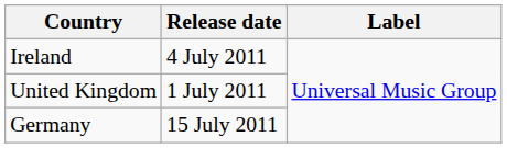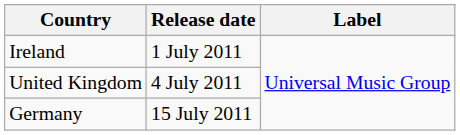 <table class="wikitable" border="1">
 <tr>
 <th>Country</th>
 <th>Release date</th>
 <th>Label</th>
 </tr>
 <tr>
 <td>Ireland</td>
-<td>4 July 2011</td>
+<td>1 July 2011</td>
 <td rowspan=3><a href='#'>Universal Music Group</a></td>
 </tr>
 <tr>
 <td>United Kingdom</td>
-<td>1 July 2011</td>
+<td>4 July 2011</td>
 </tr>
 <tr>
 <td>Germany</td>
 <td>15 July 2011</td>
 </tr>
 </table>
